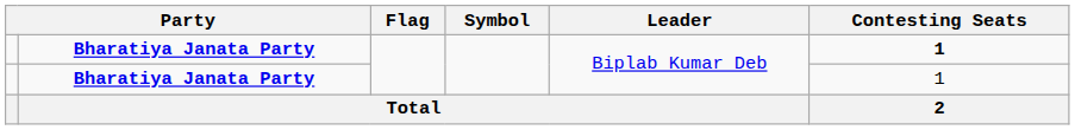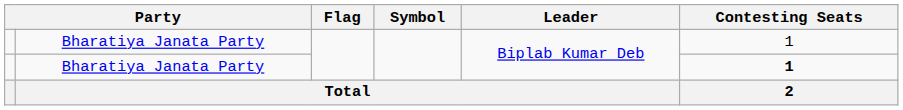 <table class="wikitable" width="60%" style="text-align:center">
 <tr>
 <th colspan="2">Party</th>
 <th>Flag</th>
 <th>Symbol</th>
 <th>Leader</th>
 <th>Contesting Seats</th>
 </tr>
 <tr>
 <td></td>
-<td><strong><a href='#'>Bharatiya Janata Party</a></strong></td>
+<td><a href='#'>Bharatiya Janata Party</a></td>
 <td rowspan="2"></td>
 <td rowspan="2"></td>
 <td rowspan="2"><a href='#'>Biplab Kumar Deb</a></td>
-<td><strong>1</strong></td>
+<td>1</td>
 </tr>
 <tr>
 <td></td>
-<td><strong><a href='#'>Bharatiya Janata Party</a></strong></td>
-<td>1</td>
+<td><a href='#'>Bharatiya Janata Party</a></td>
+<td><strong>1</strong></td>
 </tr>
 <tr>
 <th></th>
 <th colspan="4">Total</th>
 <th>2</th>
 </tr>
 </table>
